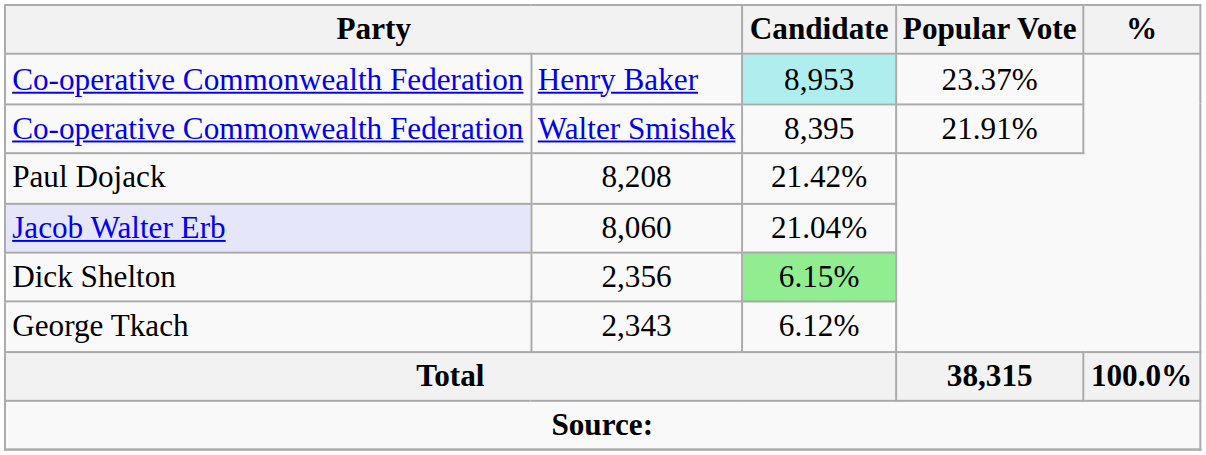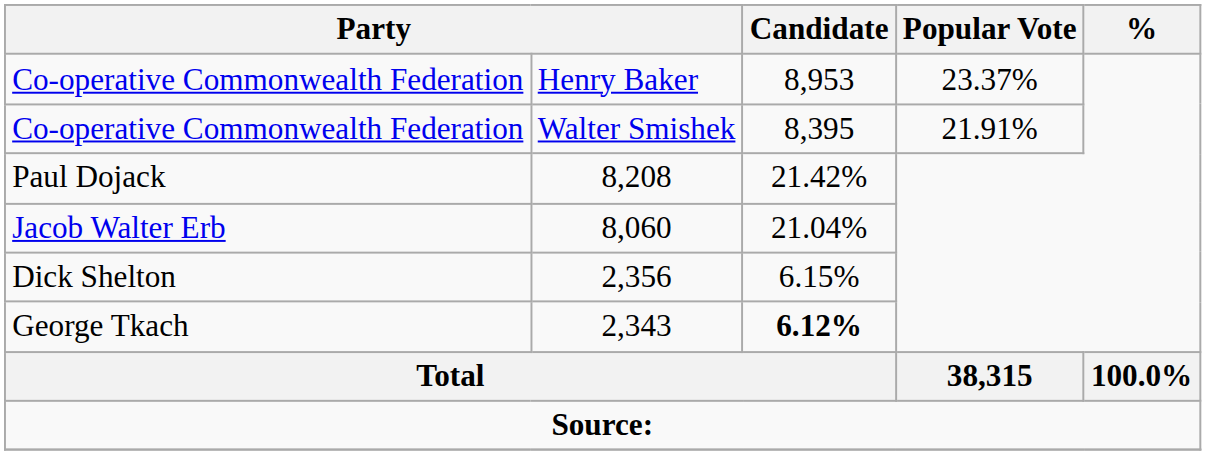 <table class="wikitable">
 <tr>
 <th colspan="2">Party</th>
 <th>Candidate</th>
 <th>Popular Vote</th>
 <th>%</th>
 </tr>
 <tr>
 <td><a href='#'>Co-operative Commonwealth Federation</a></td>
 <td> <a href='#'>Henry Baker</a></td>
-<td align=center style="background: paleturquoise;">8,953</td>
+<td align=center>8,953</td>
 <td align=center>23.37%</td>
 </tr>
 <tr>
 <td><a href='#'>Co-operative Commonwealth Federation</a></td>
 <td> <a href='#'>Walter Smishek</a></td>
 <td align=center>8,395</td>
 <td align=center>21.91%</td>
 </tr>
 <tr>
 <td>Paul Dojack</td>
 <td align=center>8,208</td>
 <td align=center>21.42%</td>
 </tr>
 <tr>
-<td style="background: lavender;"><a href='#'>Jacob Walter Erb</a></td>
+<td><a href='#'>Jacob Walter Erb</a></td>
 <td align=center>8,060</td>
 <td align=center>21.04%</td>
 </tr>
 <tr>
 <td>Dick Shelton</td>
 <td align=center>2,356</td>
-<td align=center style="background: lightgreen;">6.15%</td>
+<td align=center>6.15%</td>
 </tr>
 <tr>
 <td>George Tkach</td>
 <td align=center>2,343</td>
-<td align=center>6.12%</td>
+<td align=center><strong>6.12%</strong></td>
 </tr>
 <tr>
 <th colspan=3>Total</th>
 <th>38,315</th>
 <th>100.0%</th>
 </tr>
 <tr>
 <td align="center" colspan=6><strong>Source:</strong> </td>
 </tr>
 <tr>
 </tr>
 </table>
